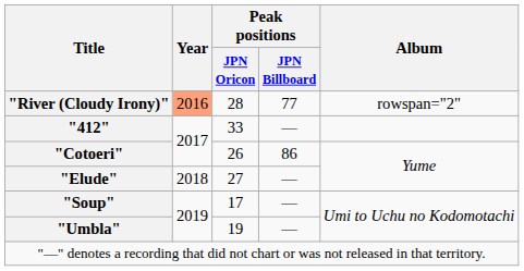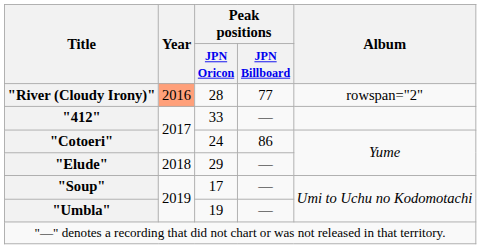 <table class="wikitable plainrowheaders" style="text-align:center;">
 <tr>
 <th scope="col" rowspan="2">Title</th>
 <th scope="col" rowspan="2">Year</th>
 <th scope="col" colspan="2">Peak <br> positions</th>
 <th scope="col" rowspan="2">Album</th>
 </tr>
 <tr>
 <th scope="col" colspan="1"><small><a href='#'>JPN<br>Oricon</a></small><br></th>
 <th scope="col" colspan="1"><small><a href='#'>JPN<br>Billboard</a></small><br></th>
 </tr>
 <tr>
 <th scope="row">"River (Cloudy Irony)"</th>
 <td style="background: lightsalmon;">2016</td>
 <td>28</td>
 <td>77</td>
 <td>rowspan="2" </td>
 </tr>
 <tr>
 <th scope="row">"412"</th>
 <td rowspan="2">2017</td>
 <td>33</td>
 <td>—</td>
 </tr>
 <tr>
 <th scope="row">"Cotoeri"</th>
-<td>26</td>
+<td>24</td>
 <td>86</td>
 <td rowspan="2"><em>Yume</em></td>
 </tr>
 <tr>
 <th scope="row">"Elude"</th>
 <td>2018</td>
-<td>27</td>
+<td>29</td>
 <td>—</td>
 </tr>
 <tr>
 <th scope="row">"Soup"</th>
 <td rowspan="2">2019</td>
 <td>17</td>
 <td>—</td>
 <td rowspan="2"><em>Umi to Uchu no Kodomotachi</em></td>
 </tr>
 <tr>
 <th scope="row">"Umbla"</th>
 <td>19</td>
 <td>—</td>
 </tr>
 <tr>
 <td align="center" colspan="5" style="font-size:90%">"—" denotes a recording that did not chart or was not released in that territory.</td>
 </tr>
 </table>
